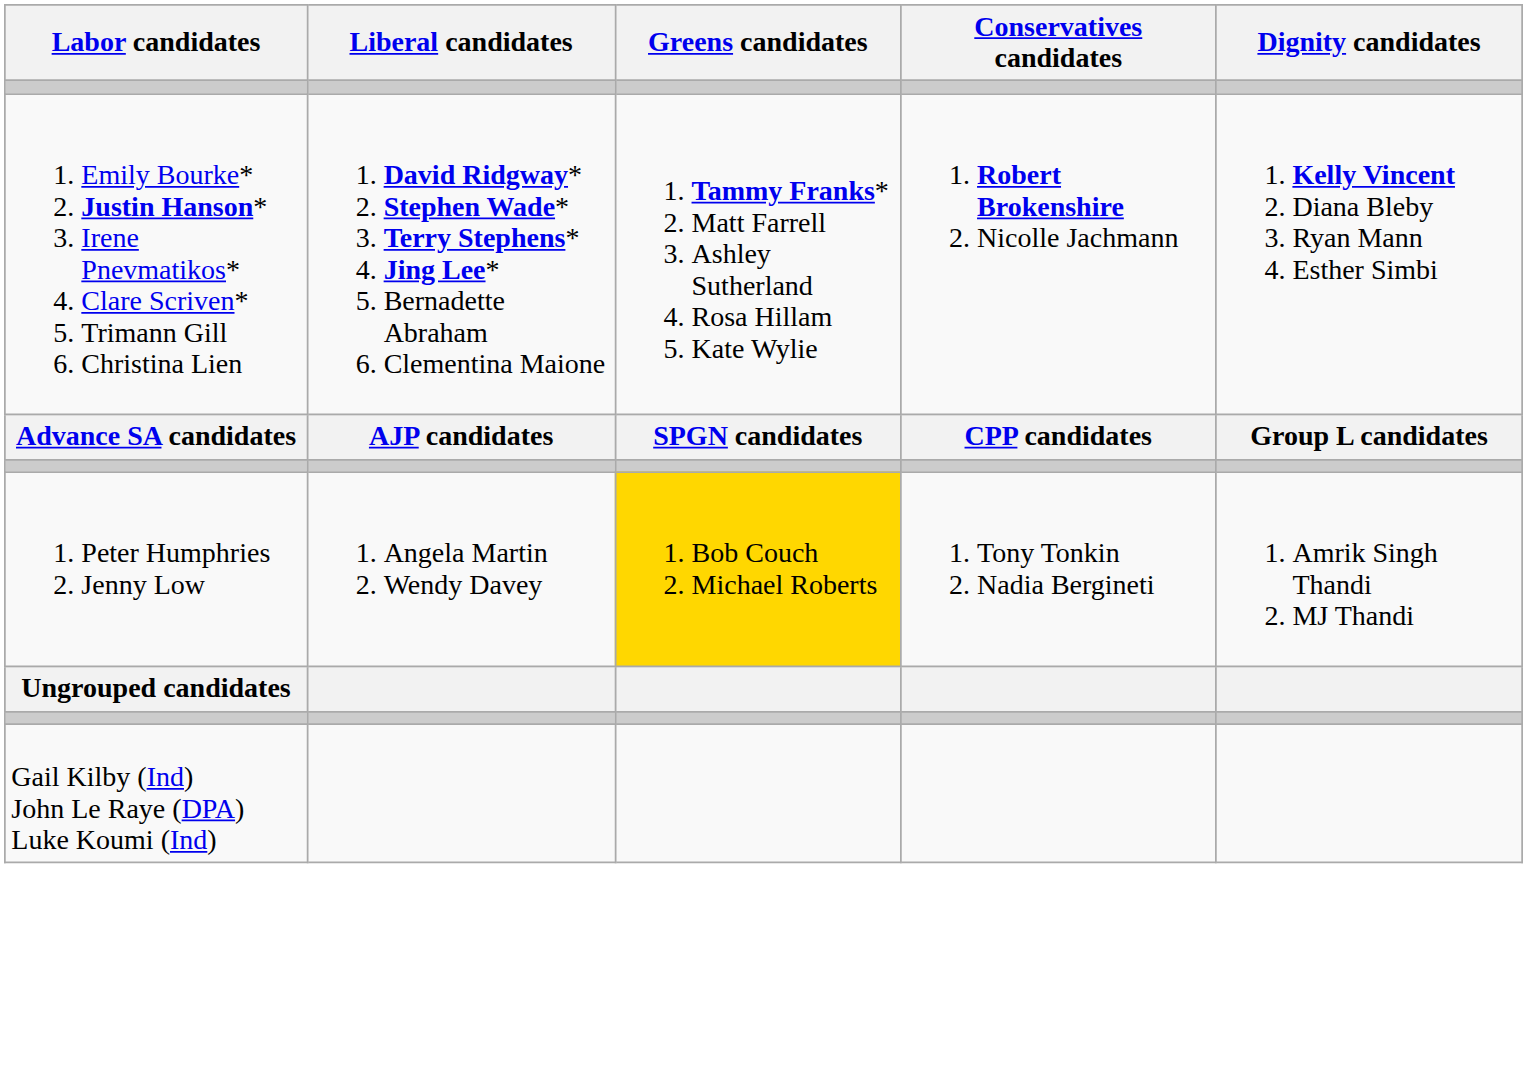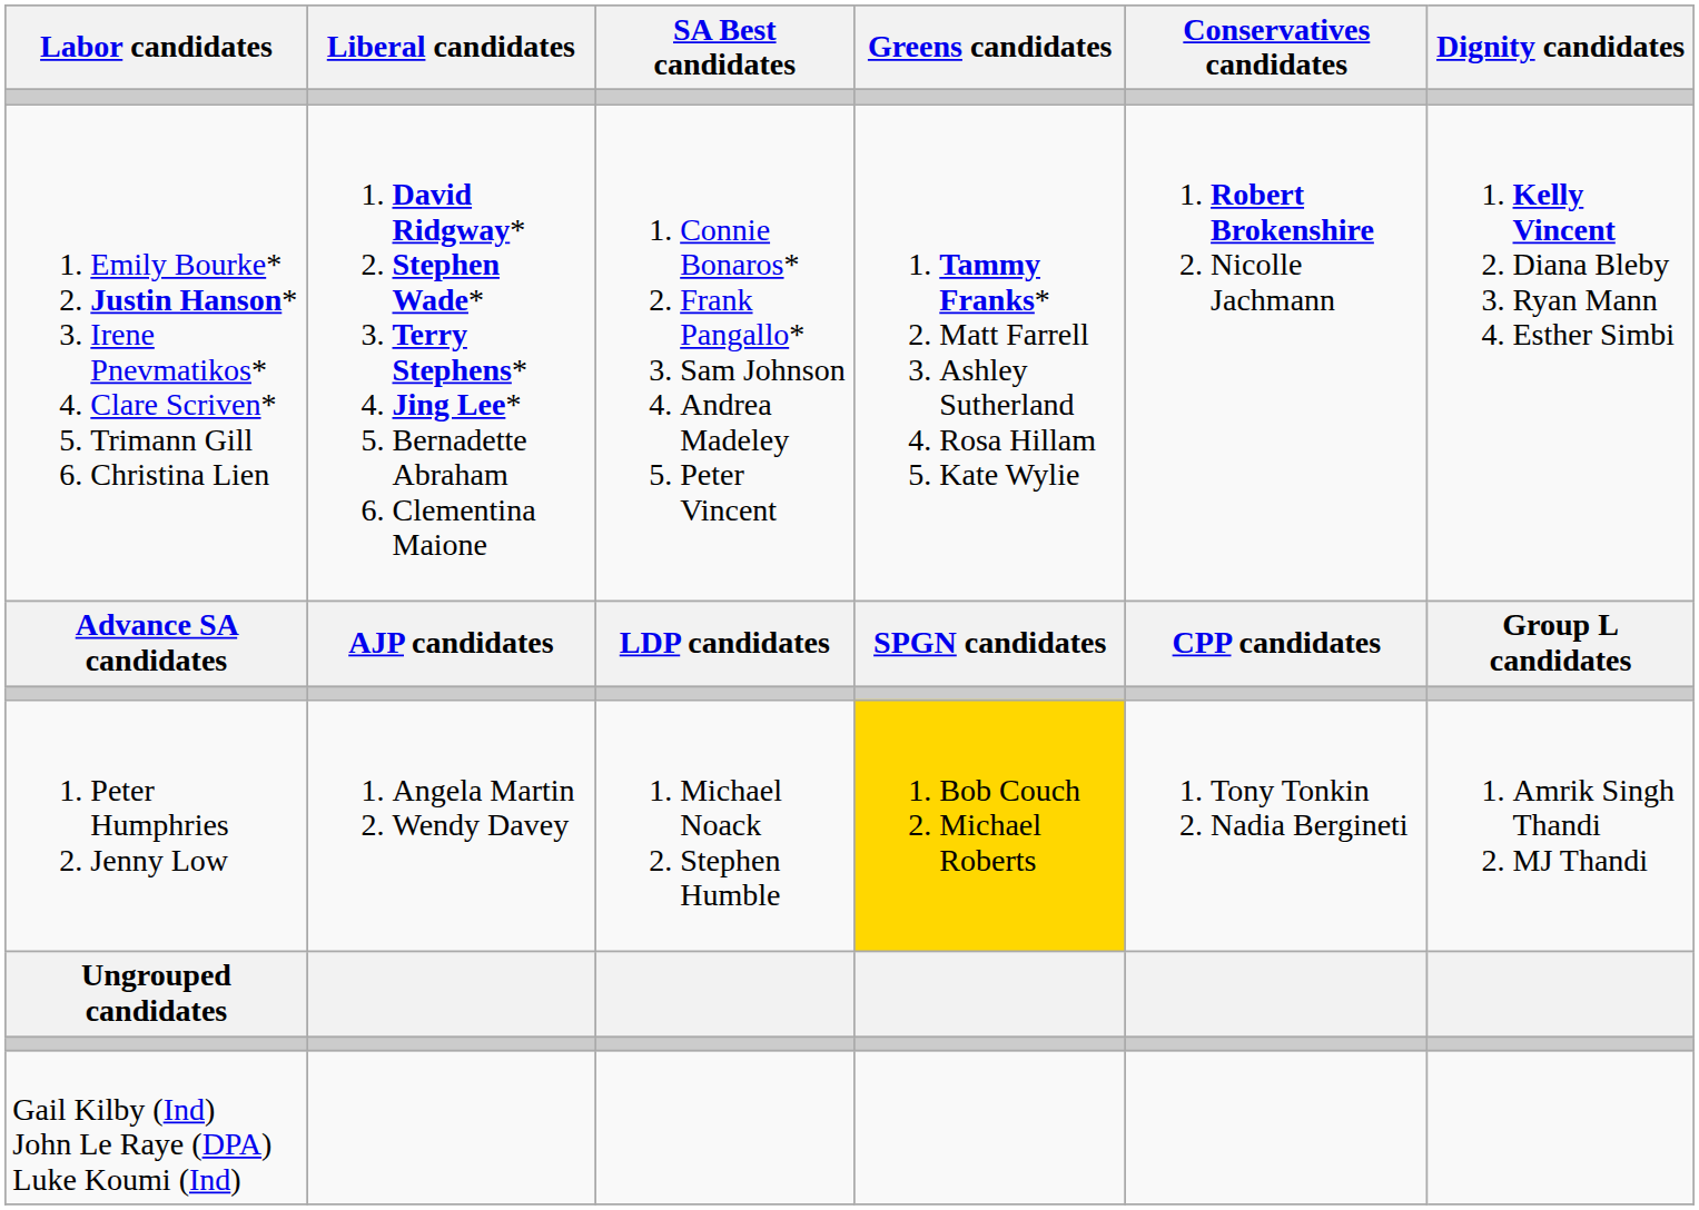 <table class="wikitable">
 <tr>
 <th><a href='#'>Labor</a> candidates</th>
 <th><a href='#'>Liberal</a> candidates</th>
+<th><a href='#'>SA Best</a> candidates</th>
 <th><a href='#'>Greens</a> candidates</th>
 <th><a href='#'>Conservatives</a> candidates</th>
 <th><a href='#'>Dignity</a> candidates</th>
 </tr>
 <tr bgcolor="#cccccc">
 <td></td>
 <td></td>
 <td></td>
 <td></td>
 <td></td>
+<td></td>
 </tr>
 <tr>
 <td><br><ol><li><a href='#'>Emily Bourke</a>*</li><li><strong><a href='#'>Justin Hanson</a></strong>*</li><li><a href='#'>Irene Pnevmatikos</a>*</li><li><a href='#'>Clare Scriven</a>*</li><li>Trimann Gill</li><li>Christina Lien</li></ol></td>
 <td><br><ol><li><strong><a href='#'>David Ridgway</a></strong>*</li><li><strong><a href='#'>Stephen Wade</a></strong>*</li><li><strong><a href='#'>Terry Stephens</a></strong>*</li><li><strong><a href='#'>Jing Lee</a></strong>*</li><li>Bernadette Abraham</li><li>Clementina Maione</li></ol></td>
+<td><br><ol><li><a href='#'>Connie Bonaros</a>*</li><li><a href='#'>Frank Pangallo</a>*</li><li>Sam Johnson</li><li>Andrea Madeley</li><li>Peter Vincent</li></ol></td>
 <td><br><ol><li><strong><a href='#'>Tammy Franks</a></strong>*</li><li>Matt Farrell</li><li>Ashley Sutherland</li><li>Rosa Hillam</li><li>Kate Wylie</li></ol></td>
 <td valign=top><br><ol><li><strong><a href='#'>Robert Brokenshire</a></strong></li><li>Nicolle Jachmann</li></ol></td>
 <td valign=top><br><ol><li><strong><a href='#'>Kelly Vincent</a></strong></li><li>Diana Bleby</li><li>Ryan Mann</li><li>Esther Simbi</li></ol></td>
 </tr>
 <tr bgcolor="#cccccc">
 <th><a href='#'>Advance SA</a> candidates</th>
 <th><a href='#'>AJP</a> candidates</th>
+<th><a href='#'>LDP</a> candidates</th>
 <th><a href='#'>SPGN</a> candidates</th>
 <th><a href='#'>CPP</a> candidates</th>
 <th>Group L candidates</th>
 </tr>
 <tr bgcolor="#cccccc">
 <td></td>
 <td></td>
 <td></td>
 <td></td>
 <td></td>
+<td></td>
 </tr>
 <tr>
 <td valign=top><br><ol><li>Peter Humphries</li><li>Jenny Low</li></ol></td>
 <td valign=top><br><ol><li>Angela Martin</li><li>Wendy Davey</li></ol></td>
+<td valign=top><br><ol><li>Michael Noack</li><li>Stephen Humble</li></ol></td>
 <td valign=top style="background: gold;"><br><ol><li>Bob Couch</li><li>Michael Roberts</li></ol></td>
 <td valign=top><br><ol><li>Tony Tonkin</li><li>Nadia Bergineti</li></ol></td>
 <td valign=top><br><ol><li>Amrik Singh Thandi</li><li>MJ Thandi</li></ol></td>
 </tr>
 <tr bgcolor="#cccccc">
 <th>Ungrouped candidates</th>
 <th></th>
 <th></th>
 <th></th>
 <th></th>
+<th></th>
 </tr>
 <tr bgcolor="#cccccc">
+<td></td>
 <td></td>
 <td></td>
 <td></td>
 <td></td>
 <td></td>
 </tr>
 <tr>
 <td valign=top><br>Gail Kilby (<a href='#'>Ind</a>) <br> John Le Raye (<a href='#'>DPA</a>) <br> Luke Koumi (<a href='#'>Ind</a>)</td>
 <td valign=top></td>
 <td valign=top></td>
 <td valign=top></td>
 <td valign=top></td>
+<td valign=top></td>
 </tr>
 </table>
